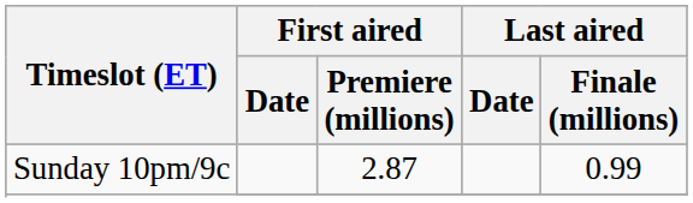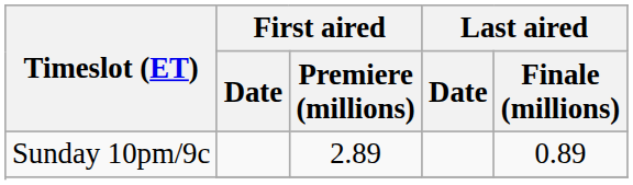 <table class="wikitable" style="text-align: center">
 <tr>
 <th scope="col" rowspan="2">Timeslot (<a href='#'>ET</a>)</th>
 <th scope="col" colspan="2">First aired</th>
 <th scope="col" colspan="2">Last aired</th>
 </tr>
 <tr>
 <th scope="col">Date</th>
 <th scope="col">Premiere<br>(millions)</th>
 <th scope="col">Date</th>
 <th scope="col">Finale<br>(millions)</th>
 </tr>
 <tr>
 <td rowspan="2">Sunday 10pm/9c</td>
 <td></td>
-<td>2.87</td>
+<td>2.89</td>
 <td></td>
-<td>0.99</td>
+<td>0.89</td>
 </tr>
 <tr>
 </tr>
 </table>
